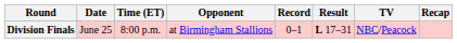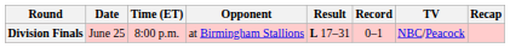 <table class="wikitable" style="text-align:center">
 <tr>
 <th>Round</th>
 <th>Date</th>
 <th>Time (ET)</th>
 <th>Opponent</th>
+<th>Result</th>
 <th>Record</th>
-<th>Result</th>
 <th>TV</th>
 <th>Recap</th>
 </tr>
 <tr style="background:#ffcccc">
 <th>Division Finals</th>
 <td>June 25</td>
 <td>8:00 p.m.</td>
 <td>at <a href='#'>Birmingham Stallions</a></td>
+<td><strong>L</strong> 17–31</td>
 <td>0–1</td>
-<td><strong>L</strong> 17–31</td>
 <td><a href='#'>NBC</a>/<a href='#'>Peacock</a></td>
 <td></td>
 </tr>
 </table>
